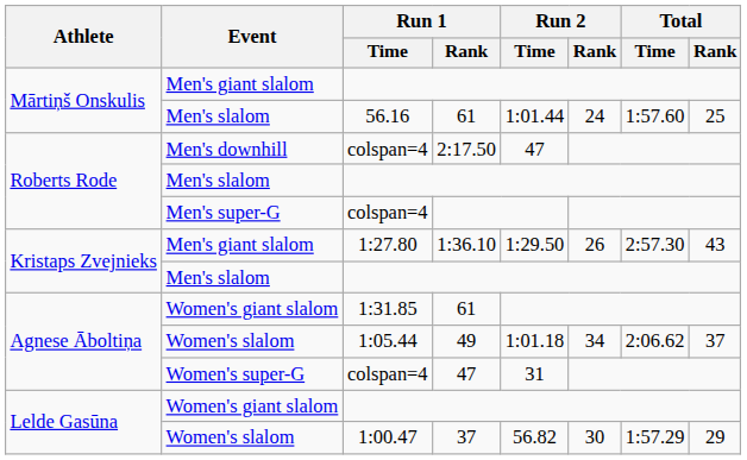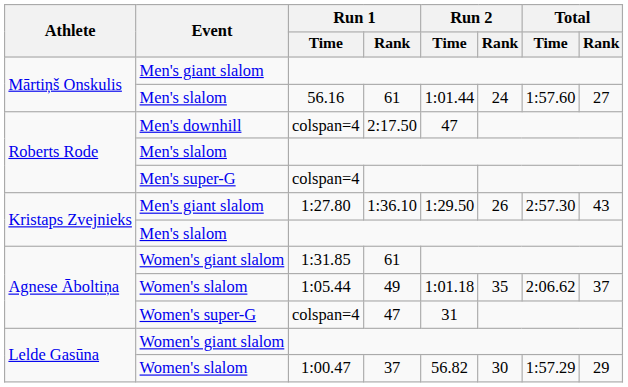 <table class="wikitable" style="font-size:90%">
 <tr>
 <th rowspan=2>Athlete</th>
 <th rowspan=2>Event</th>
 <th colspan=2>Run 1</th>
 <th colspan=2>Run 2</th>
 <th colspan=2>Total</th>
 </tr>
 <tr style="font-size:95%">
 <th>Time</th>
 <th>Rank</th>
 <th>Time</th>
 <th>Rank</th>
 <th>Time</th>
 <th>Rank</th>
 </tr>
 <tr align=center>
 <td align=left rowspan=2><a href='#'>Mārtiņš Onskulis</a></td>
 <td align=left><a href='#'>Men's giant slalom</a></td>
 <td colspan=6></td>
 </tr>
 <tr align=center>
 <td align=left><a href='#'>Men's slalom</a></td>
 <td>56.16</td>
 <td>61</td>
 <td>1:01.44</td>
 <td>24</td>
 <td>1:57.60</td>
-<td>25</td>
+<td>27</td>
 </tr>
 <tr align=center>
 <td align=left rowspan=3><a href='#'>Roberts Rode</a></td>
 <td align=left><a href='#'>Men's downhill</a></td>
 <td>colspan=4 </td>
 <td>2:17.50</td>
 <td>47</td>
 </tr>
 <tr align=center>
 <td align=left><a href='#'>Men's slalom</a></td>
 <td colspan=6></td>
 </tr>
 <tr align=center>
 <td align=left><a href='#'>Men's super-G</a></td>
 <td>colspan=4 </td>
 <td colspan=2></td>
 </tr>
 <tr align=center>
 <td align=left rowspan=2><a href='#'>Kristaps Zvejnieks</a></td>
 <td align=left><a href='#'>Men's giant slalom</a></td>
 <td>1:27.80</td>
 <td>1:36.10</td>
 <td>1:29.50</td>
 <td>26</td>
 <td>2:57.30</td>
 <td>43</td>
 </tr>
 <tr align=center>
 <td align=left><a href='#'>Men's slalom</a></td>
 <td colspan=6></td>
 </tr>
 <tr align=center>
 <td align=left rowspan=3><a href='#'>Agnese Āboltiņa</a></td>
 <td align=left><a href='#'>Women's giant slalom</a></td>
 <td>1:31.85</td>
 <td>61</td>
 <td colspan=4></td>
 </tr>
 <tr align=center>
 <td align=left><a href='#'>Women's slalom</a></td>
 <td>1:05.44</td>
 <td>49</td>
 <td>1:01.18</td>
-<td>34</td>
+<td>35</td>
 <td>2:06.62</td>
 <td>37</td>
 </tr>
 <tr align=center>
 <td align=left><a href='#'>Women's super-G</a></td>
 <td>colspan=4 </td>
 <td>47</td>
 <td>31</td>
 </tr>
 <tr align=center>
 <td align=left rowspan=2><a href='#'>Lelde Gasūna</a></td>
 <td align=left><a href='#'>Women's giant slalom</a></td>
 <td colspan=6></td>
 </tr>
 <tr align=center>
 <td align=left><a href='#'>Women's slalom</a></td>
 <td>1:00.47</td>
 <td>37</td>
 <td>56.82</td>
 <td>30</td>
 <td>1:57.29</td>
 <td>29</td>
 </tr>
 </table>
